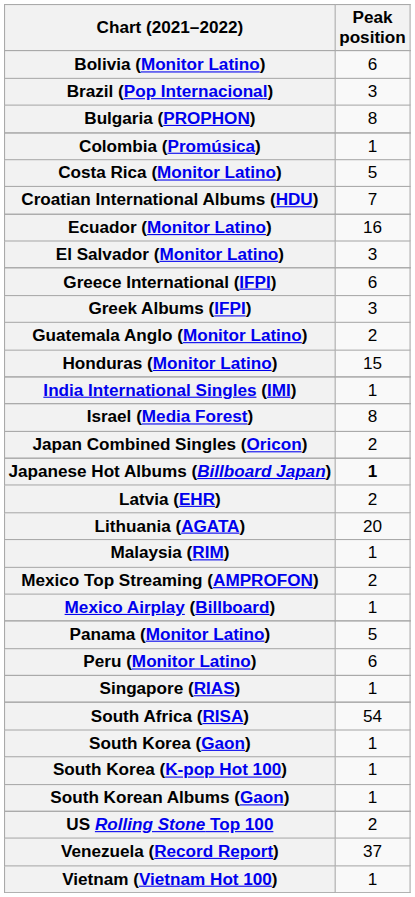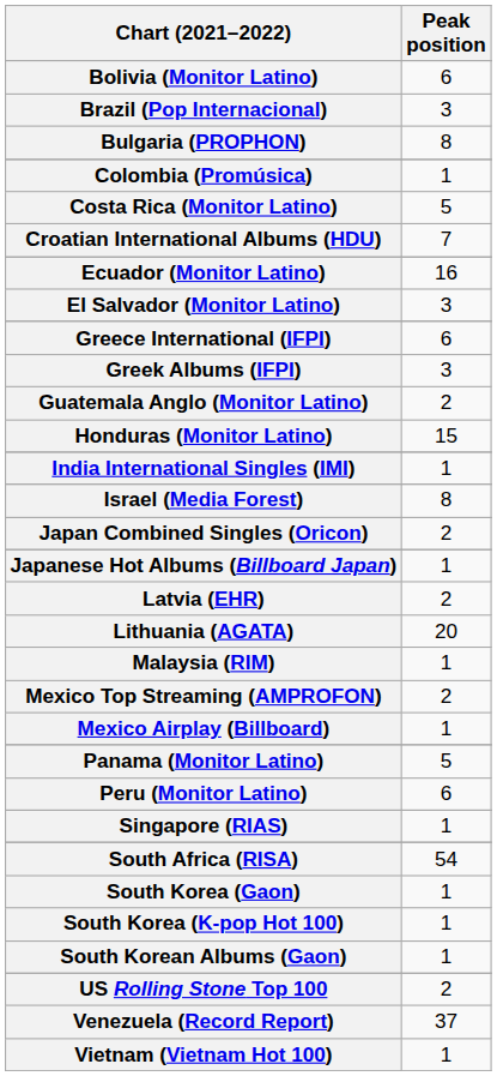 <table class="wikitable sortable plainrowheaders" style="text-align:center">
 <tr>
 <th scope="col">Chart (2021–2022)</th>
 <th scope="col">Peak<br>position</th>
 </tr>
 <tr>
 </tr>
 <tr>
 </tr>
 <tr>
 </tr>
 <tr>
 </tr>
 <tr>
 </tr>
 <tr>
 <th scope="row">Bolivia (<a href='#'>Monitor Latino</a>)</th>
 <td>6</td>
 </tr>
 <tr>
 <th scope="row">Brazil (<a href='#'>Pop Internacional</a>)</th>
 <td>3</td>
 </tr>
 <tr>
 <th scope="row">Bulgaria (<a href='#'>PROPHON</a>)</th>
 <td>8</td>
 </tr>
 <tr>
 </tr>
 <tr>
 </tr>
 <tr>
 </tr>
 <tr>
 </tr>
 <tr>
 <th scope="row">Colombia (<a href='#'>Promúsica</a>)</th>
 <td>1</td>
 </tr>
 <tr>
 <th scope="row">Costa Rica (<a href='#'>Monitor Latino</a>)</th>
 <td>5</td>
 </tr>
 <tr>
 <th scope="row">Croatian International Albums (<a href='#'>HDU</a>)</th>
 <td>7</td>
 </tr>
 <tr>
 </tr>
 <tr>
 </tr>
 <tr>
 <th scope="row">Ecuador (<a href='#'>Monitor Latino</a>)</th>
 <td>16</td>
 </tr>
 <tr>
 <th scope="row">El Salvador (<a href='#'>Monitor Latino</a>)</th>
 <td>3</td>
 </tr>
 <tr>
 </tr>
 <tr>
 </tr>
 <tr>
 </tr>
 <tr>
 </tr>
 <tr>
 </tr>
 <tr>
 </tr>
 <tr>
 <th scope="row">Greece International (<a href='#'>IFPI</a>)</th>
 <td>6</td>
 </tr>
 <tr>
 <th scope="row">Greek Albums (<a href='#'>IFPI</a>)</th>
 <td>3</td>
 </tr>
 <tr>
 <th scope="row">Guatemala Anglo (<a href='#'>Monitor Latino</a>)</th>
 <td>2</td>
 </tr>
 <tr>
 <th scope="row">Honduras (<a href='#'>Monitor Latino</a>)</th>
 <td>15</td>
 </tr>
 <tr>
 </tr>
 <tr>
 </tr>
 <tr>
 <th scope="row"><a href='#'>India International Singles</a> (<a href='#'>IMI</a>)</th>
 <td>1</td>
 </tr>
 <tr>
 </tr>
 <tr>
 <th scope="row">Israel (<a href='#'>Media Forest</a>)</th>
 <td>8</td>
 </tr>
 <tr>
 </tr>
 <tr>
 </tr>
 <tr>
 <th scope="row">Japan Combined Singles (<a href='#'>Oricon</a>)</th>
 <td>2</td>
 </tr>
 <tr>
 </tr>
 <tr>
 <th scope="row">Japanese Hot Albums (<em><a href='#'>Billboard Japan</a></em>)</th>
-<td><strong>1</strong></td>
+<td>1</td>
 </tr>
 <tr>
 <th scope="row">Latvia (<a href='#'>EHR</a>)</th>
 <td>2</td>
 </tr>
 <tr>
 <th scope="row">Lithuania (<a href='#'>AGATA</a>)</th>
 <td>20</td>
 </tr>
 <tr>
 <th scope="row">Malaysia (<a href='#'>RIM</a>)</th>
 <td>1</td>
 </tr>
 <tr>
 <th scope="row">Mexico Top Streaming (<a href='#'>AMPROFON</a>)</th>
 <td>2</td>
 </tr>
 <tr>
 <th scope="row"><a href='#'>Mexico Airplay</a> (<a href='#'>Billboard</a>)</th>
 <td>1</td>
 </tr>
 <tr>
 </tr>
 <tr>
 </tr>
 <tr>
 </tr>
 <tr>
 </tr>
 <tr>
 <th scope="row">Panama (<a href='#'>Monitor Latino</a>)</th>
 <td>5</td>
 </tr>
 <tr>
 <th scope="row">Peru (<a href='#'>Monitor Latino</a>)</th>
 <td>6</td>
 </tr>
 <tr>
 </tr>
 <tr>
 </tr>
 <tr>
 </tr>
 <tr>
 <th scope="row">Singapore (<a href='#'>RIAS</a>)</th>
 <td>1</td>
 </tr>
 <tr>
 </tr>
 <tr>
 </tr>
 <tr>
 <th scope="row">South Africa (<a href='#'>RISA</a>)</th>
 <td>54</td>
 </tr>
 <tr>
 <th scope="row">South Korea (<a href='#'>Gaon</a>)</th>
 <td>1</td>
 </tr>
 <tr>
 <th scope="row">South Korea (<a href='#'>K-pop Hot 100</a>)</th>
 <td>1</td>
 </tr>
 <tr>
 <th scope="row">South Korean Albums (<a href='#'>Gaon</a>)</th>
 <td>1</td>
 </tr>
 <tr>
 </tr>
 <tr>
 </tr>
 <tr>
 </tr>
 <tr>
 </tr>
 <tr>
 </tr>
 <tr>
 </tr>
 <tr>
 </tr>
 <tr>
 </tr>
 <tr>
 </tr>
 <tr>
 </tr>
 <tr>
 <th scope="row">US <a href='#'><em>Rolling Stone</em> Top 100</a></th>
 <td>2</td>
 </tr>
 <tr>
 <th scope="row">Venezuela (<a href='#'>Record Report</a>)</th>
 <td>37</td>
 </tr>
 <tr>
 <th scope="row">Vietnam (<a href='#'>Vietnam Hot 100</a>)</th>
 <td>1</td>
 </tr>
 </table>
